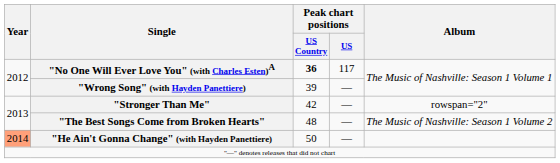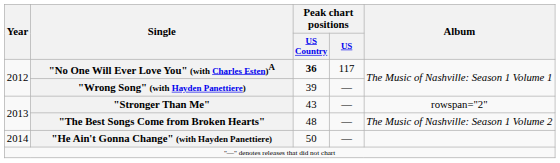 <table class="wikitable plainrowheaders" style="text-align:center;">
 <tr>
 <th rowspan="2">Year</th>
 <th rowspan="2" style="width:24em;">Single</th>
 <th colspan="2">Peak chart<br>positions</th>
 <th rowspan="2">Album</th>
 </tr>
 <tr style="font-size:smaller;">
 <th style="width:45px;"><a href='#'>US Country</a><br></th>
 <th style="width:45px;"><a href='#'>US</a><br></th>
 </tr>
 <tr>
 <td rowspan="2">2012</td>
 <th scope="row">"No One Will Ever Love You" <small>(with <a href='#'>Charles Esten</a>)</small><sup>A</sup></th>
 <td><strong>36</strong></td>
 <td>117</td>
 <td style="text-align:left;" rowspan="2"><em>The Music of Nashville: Season 1 Volume 1</em></td>
 </tr>
 <tr>
 <th scope="row">"Wrong Song" <small>(with <a href='#'>Hayden Panettiere</a>)</small></th>
 <td>39</td>
 <td>—</td>
 </tr>
 <tr>
 <td rowspan="2">2013</td>
 <th scope="row">"Stronger Than Me"</th>
-<td>42</td>
+<td>43</td>
 <td>—</td>
 <td>rowspan="2" </td>
 </tr>
 <tr>
 <th scope="row">"The Best Songs Come from Broken Hearts"</th>
 <td>48</td>
 <td>—</td>
 <td style="text-align:left;"><em>The Music of Nashville: Season 1 Volume 2</em></td>
 </tr>
 <tr>
-<td style="background: lightsalmon;">2014</td>
+<td>2014</td>
 <th scope="row">"He Ain't Gonna Change" <small>(with Hayden Panettiere)</small></th>
 <td>50</td>
 <td>—</td>
 </tr>
 <tr>
 <td colspan="5" style="font-size:8pt">"—" denotes releases that did not chart</td>
 </tr>
 </table>
